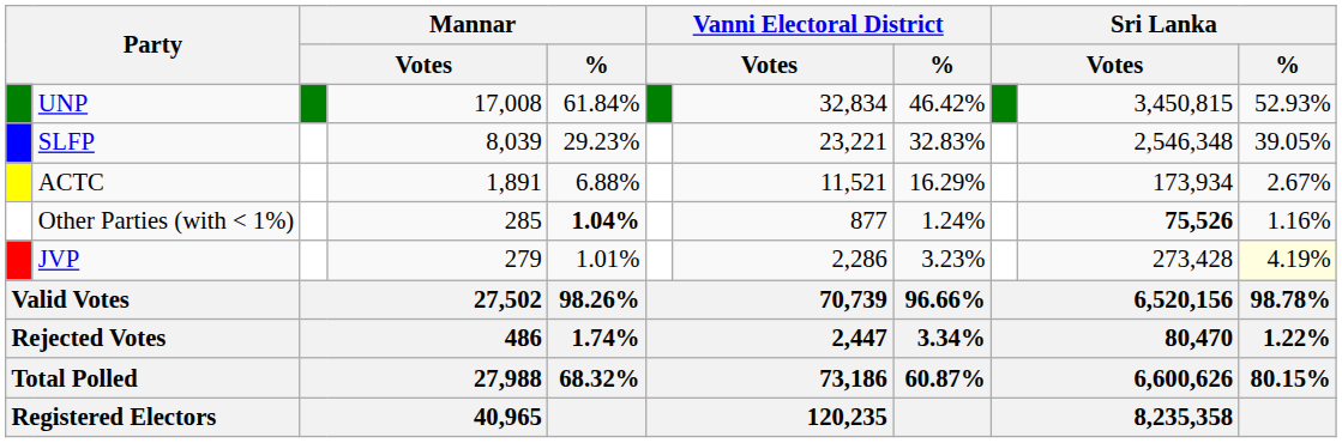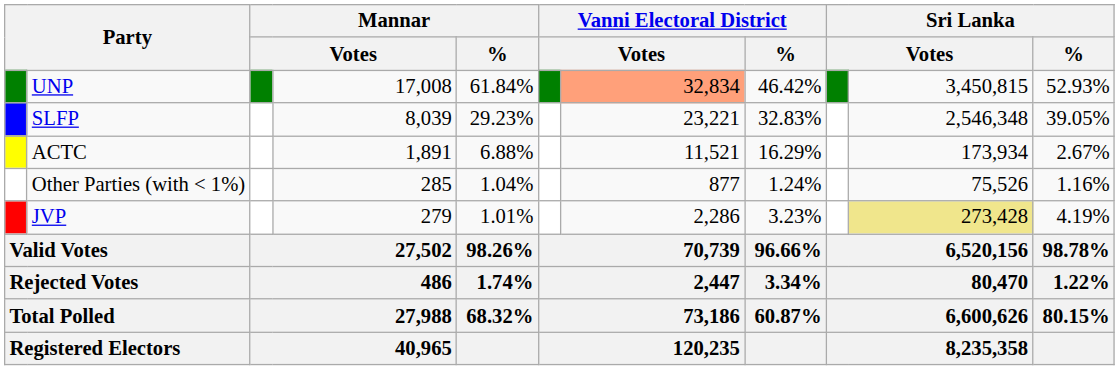 <table class="wikitable">
 <tr>
 <th colspan="2" width="144px"rowspan="2">Party</th>
 <th colspan="3" width="216px">Mannar</th>
 <th colspan="3" width="216px"><a href='#'>Vanni Electoral District</a></th>
 <th colspan="3" width="216px">Sri Lanka</th>
 </tr>
 <tr>
 <th colspan="2" width="144px">Votes</th>
 <th>%</th>
 <th colspan="2" width="144px">Votes</th>
 <th>%</th>
 <th colspan="2" width="144px">Votes</th>
 <th>%</th>
 </tr>
 <tr>
 <td style="background-color:green;" width="10px"></td>
 <td style="text-align:left;"><a href='#'>UNP</a></td>
 <td style="background-color:green;" width="10px"></td>
 <td style="text-align:right;">17,008</td>
 <td style="text-align:right;">61.84%</td>
 <td style="background-color:green;" width="10px"></td>
-<td style="text-align:right;">32,834</td>
+<td style="background: lightsalmon; text-align:right;">32,834</td>
 <td style="text-align:right;">46.42%</td>
 <td style="background-color:green;" width="10px"></td>
 <td style="text-align:right;">3,450,815</td>
 <td style="text-align:right;">52.93%</td>
 </tr>
 <tr>
 <td style="background-color:blue;" width="10px"></td>
 <td style="text-align:left;"><a href='#'>SLFP</a></td>
 <td style="background-color:white;" width="10px"></td>
 <td style="text-align:right;">8,039</td>
 <td style="text-align:right;">29.23%</td>
 <td style="background-color:white;" width="10px"></td>
 <td style="text-align:right;">23,221</td>
 <td style="text-align:right;">32.83%</td>
 <td style="background-color:white;" width="10px"></td>
 <td style="text-align:right;">2,546,348</td>
 <td style="text-align:right;">39.05%</td>
 </tr>
 <tr>
 <td style="background-color:yellow;" width="10px"></td>
 <td style="text-align:left;">ACTC</td>
 <td style="background-color:white;" width="10px"></td>
 <td style="text-align:right;">1,891</td>
 <td style="text-align:right;">6.88%</td>
 <td style="background-color:white;" width="10px"></td>
 <td style="text-align:right;">11,521</td>
 <td style="text-align:right;">16.29%</td>
 <td style="background-color:white;" width="10px"></td>
 <td style="text-align:right;">173,934</td>
 <td style="text-align:right;">2.67%</td>
 </tr>
 <tr>
 <td style="background-color:white;" width="10px"></td>
 <td style="text-align:left;">Other Parties (with < 1%)</td>
 <td style="background-color:white;" width="10px"></td>
 <td style="text-align:right;">285</td>
-<td style="text-align:right;"><strong>1.04%</strong></td>
+<td style="text-align:right;">1.04%</td>
 <td style="background-color:white;" width="10px"></td>
 <td style="text-align:right;">877</td>
 <td style="text-align:right;">1.24%</td>
 <td style="background-color:white;" width="10px"></td>
-<td style="text-align:right;"><strong>75,526</strong></td>
+<td style="text-align:right;">75,526</td>
 <td style="text-align:right;">1.16%</td>
 </tr>
 <tr>
 <td style="background-color:red;" width="10px"></td>
 <td style="text-align:left;"><a href='#'>JVP</a></td>
 <td style="background-color:white;" width="10px"></td>
 <td style="text-align:right;">279</td>
 <td style="text-align:right;">1.01%</td>
 <td style="background-color:white;" width="10px"></td>
 <td style="text-align:right;">2,286</td>
 <td style="text-align:right;">3.23%</td>
 <td style="background-color:white;" width="10px"></td>
-<td style="text-align:right;">273,428</td>
-<td style="background: lightyellow; text-align:right;">4.19%</td>
+<td style="background: khaki; text-align:right;">273,428</td>
+<td style="text-align:right;">4.19%</td>
 </tr>
 <tr>
 <th colspan="2" width="144px"style="text-align:left;">Valid Votes</th>
 <th style="text-align:right;"colspan="2" width="144px">27,502</th>
 <th style="text-align:right;">98.26%</th>
 <th style="text-align:right;"colspan="2" width="144px">70,739</th>
 <th style="text-align:right;">96.66%</th>
 <th style="text-align:right;"colspan="2" width="144px">6,520,156</th>
 <th style="text-align:right;">98.78%</th>
 </tr>
 <tr>
 <th colspan="2" width="144px"style="text-align:left;">Rejected Votes</th>
 <th style="text-align:right;"colspan="2" width="144px">486</th>
 <th style="text-align:right;">1.74%</th>
 <th style="text-align:right;"colspan="2" width="144px">2,447</th>
 <th style="text-align:right;">3.34%</th>
 <th style="text-align:right;"colspan="2" width="144px">80,470</th>
 <th style="text-align:right;">1.22%</th>
 </tr>
 <tr>
 <th colspan="2" width="144px"style="text-align:left;">Total Polled</th>
 <th style="text-align:right;"colspan="2" width="144px">27,988</th>
 <th style="text-align:right;">68.32%</th>
 <th style="text-align:right;"colspan="2" width="144px">73,186</th>
 <th style="text-align:right;">60.87%</th>
 <th style="text-align:right;"colspan="2" width="144px">6,600,626</th>
 <th style="text-align:right;">80.15%</th>
 </tr>
 <tr>
 <th colspan="2" width="144px"style="text-align:left;">Registered Electors</th>
 <th style="text-align:right;"colspan="2" width="144px">40,965</th>
 <th></th>
 <th style="text-align:right;"colspan="2" width="144px">120,235</th>
 <th></th>
 <th style="text-align:right;"colspan="2" width="144px">8,235,358</th>
 <th></th>
 </tr>
 </table>
